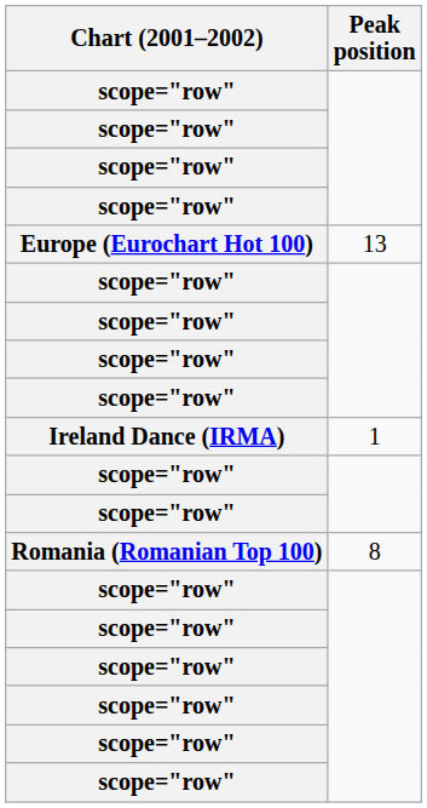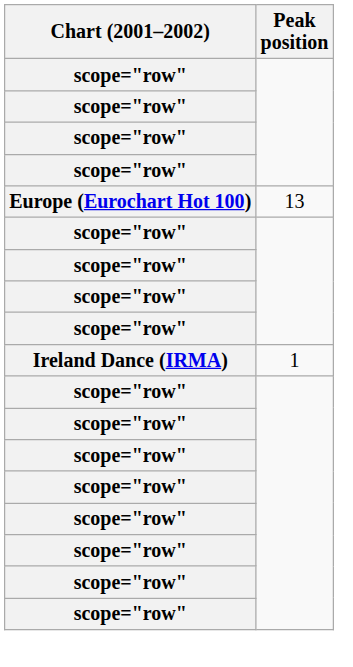 <table class="wikitable sortable plainrowheaders" style="text-align:center">
 <tr>
 <th scope="col">Chart (2001–2002)</th>
 <th scope="col">Peak<br>position</th>
 </tr>
 <tr>
 <th>scope="row"</th>
 </tr>
 <tr>
 <th>scope="row"</th>
 </tr>
 <tr>
 <th>scope="row"</th>
 </tr>
 <tr>
 <th>scope="row"</th>
 </tr>
 <tr>
 <th scope="row">Europe (<a href='#'>Eurochart Hot 100</a>)</th>
 <td>13</td>
 </tr>
 <tr>
 <th>scope="row"</th>
 </tr>
 <tr>
 <th>scope="row"</th>
 </tr>
 <tr>
 <th>scope="row"</th>
 </tr>
 <tr>
 <th>scope="row"</th>
 </tr>
 <tr>
 <th scope="row">Ireland Dance (<a href='#'>IRMA</a>)</th>
 <td>1</td>
 </tr>
 <tr>
 <th>scope="row"</th>
 </tr>
 <tr>
 <th>scope="row"</th>
 </tr>
 <tr>
-<th scope="row">Romania (<a href='#'>Romanian Top 100</a>)</th>
-<td>8</td>
-</tr>
-<tr>
 <th>scope="row"</th>
 </tr>
 <tr>
 <th>scope="row"</th>
 </tr>
 <tr>
 <th>scope="row"</th>
 </tr>
 <tr>
 <th>scope="row"</th>
 </tr>
 <tr>
 <th>scope="row"</th>
 </tr>
 <tr>
 <th>scope="row"</th>
 </tr>
 </table>
